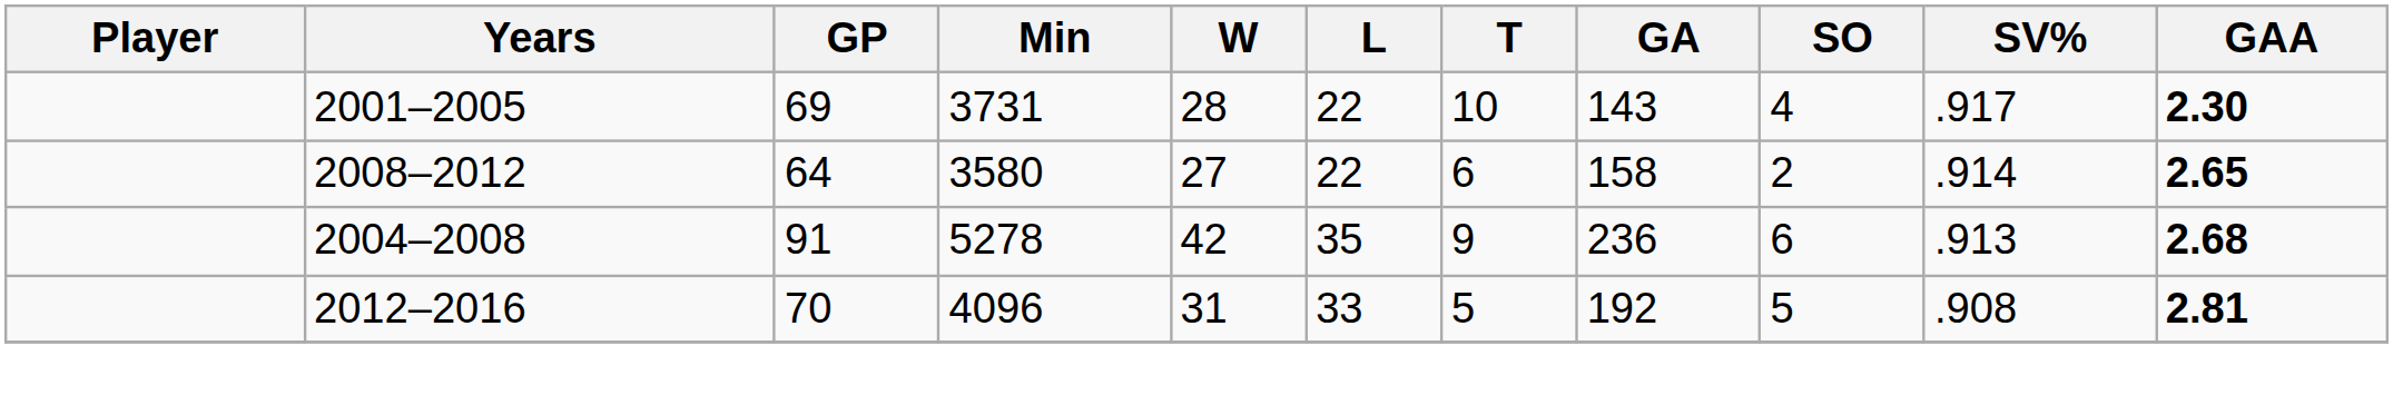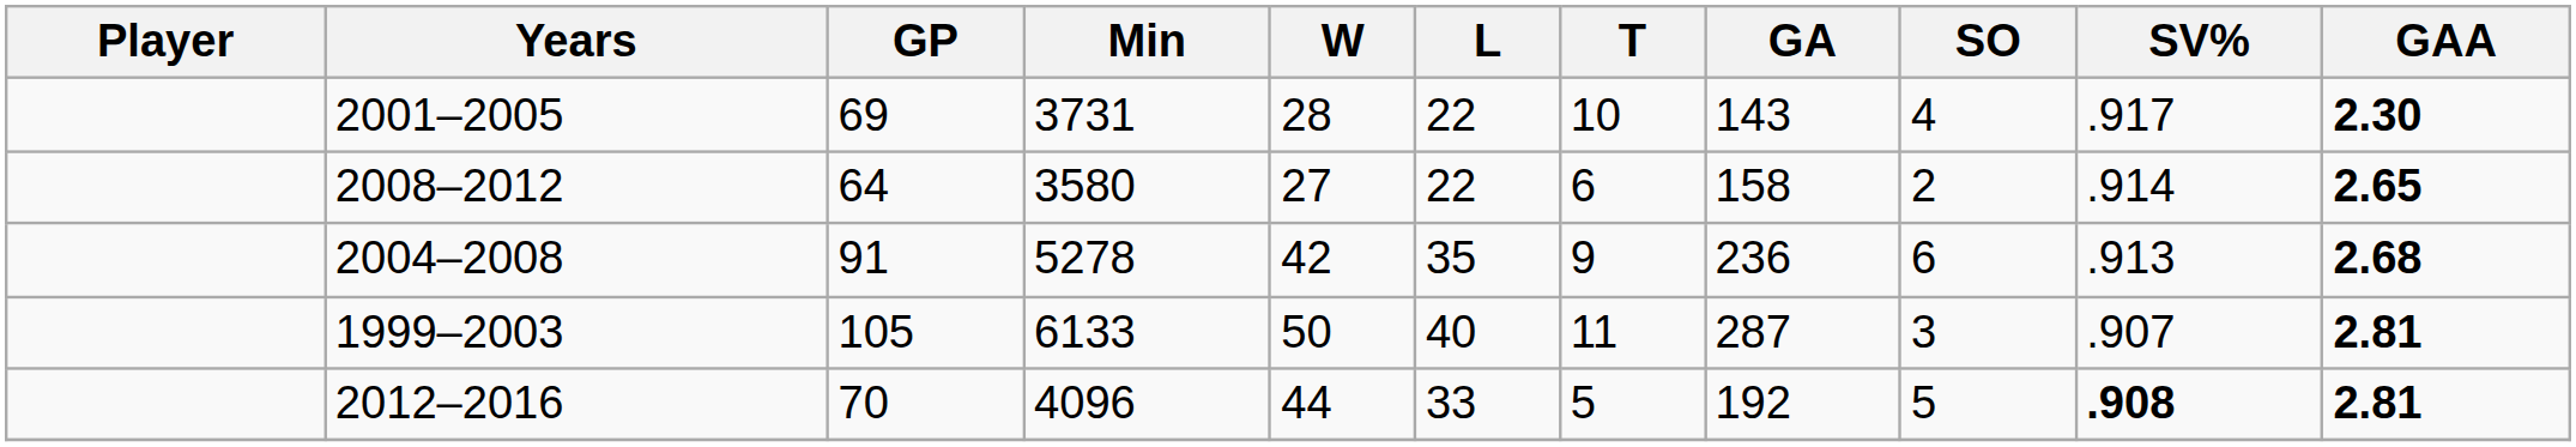 <table class="wikitable sortable" width = 900>
 <tr>
 <th>Player</th>
 <th>Years</th>
 <th>GP</th>
 <th>Min</th>
 <th>W</th>
 <th>L</th>
 <th>T</th>
 <th>GA</th>
 <th>SO</th>
 <th>SV%</th>
 <th>GAA</th>
 </tr>
 <tr>
 <td></td>
 <td>2001–2005</td>
 <td>69</td>
 <td>3731</td>
 <td>28</td>
 <td>22</td>
 <td>10</td>
 <td>143</td>
 <td>4</td>
 <td>.917</td>
 <td><strong>2.30</strong></td>
 </tr>
 <tr>
 <td></td>
 <td>2008–2012</td>
 <td>64</td>
 <td>3580</td>
 <td>27</td>
 <td>22</td>
 <td>6</td>
 <td>158</td>
 <td>2</td>
 <td>.914</td>
 <td><strong>2.65</strong></td>
 </tr>
 <tr>
 <td></td>
 <td>2004–2008</td>
 <td>91</td>
 <td>5278</td>
 <td>42</td>
 <td>35</td>
 <td>9</td>
 <td>236</td>
 <td>6</td>
 <td>.913</td>
 <td><strong>2.68</strong></td>
 </tr>
 <tr>
 <td></td>
+<td>1999–2003</td>
+<td>105</td>
+<td>6133</td>
+<td>50</td>
+<td>40</td>
+<td>11</td>
+<td>287</td>
+<td>3</td>
+<td>.907</td>
+<td><strong>2.81</strong></td>
+</tr>
+<tr>
+<td></td>
 <td>2012–2016</td>
 <td>70</td>
 <td>4096</td>
-<td>31</td>
+<td>44</td>
 <td>33</td>
 <td>5</td>
 <td>192</td>
 <td>5</td>
-<td>.908</td>
+<td><strong>.908</strong></td>
 <td><strong>2.81</strong></td>
 </tr>
 <tr>
 </tr>
 </table>
